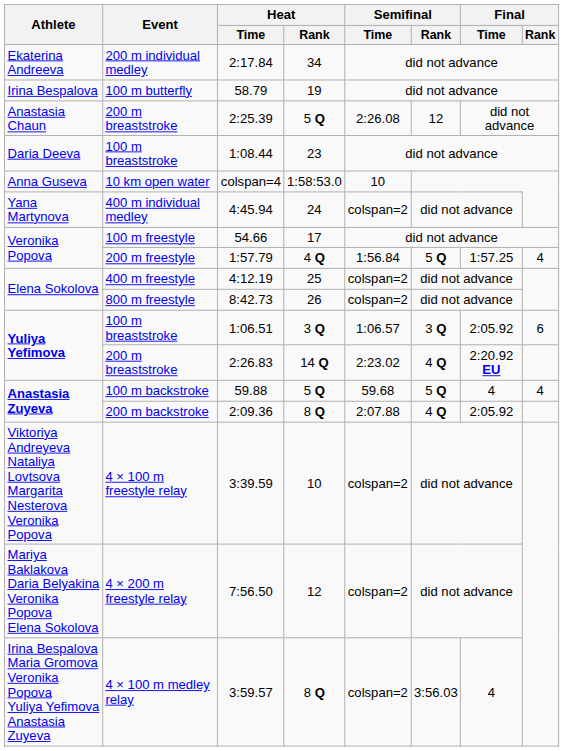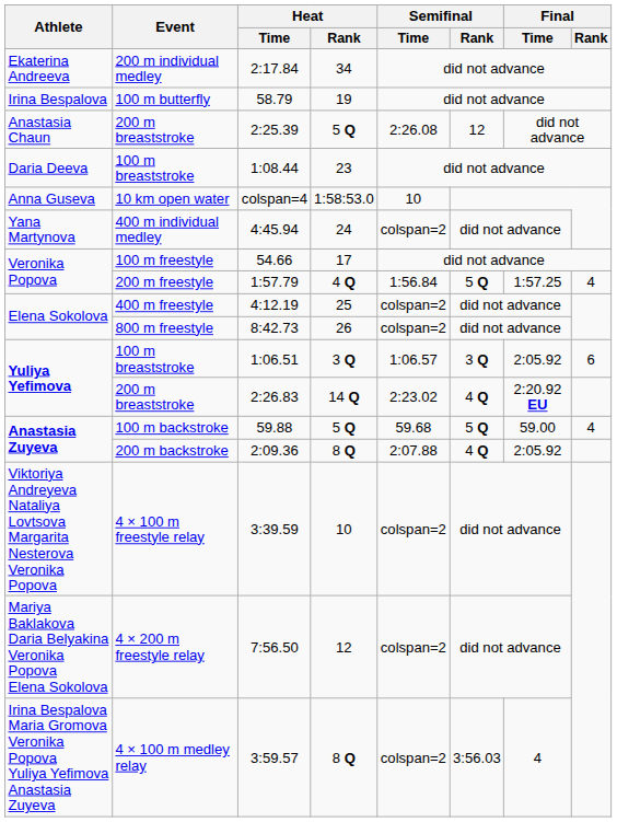 <table class=wikitable style="font-size:90%">
 <tr>
 <th rowspan="2">Athlete</th>
 <th rowspan="2">Event</th>
 <th colspan="2">Heat</th>
 <th colspan="2">Semifinal</th>
 <th colspan="2">Final</th>
 </tr>
 <tr style="font-size:95%">
 <th>Time</th>
 <th>Rank</th>
 <th>Time</th>
 <th>Rank</th>
 <th>Time</th>
 <th>Rank</th>
 </tr>
 <tr align=center>
 <td align=left><a href='#'>Ekaterina Andreeva</a></td>
 <td align=left><a href='#'>200 m individual medley</a></td>
 <td>2:17.84</td>
 <td>34</td>
 <td colspan=4>did not advance</td>
 </tr>
 <tr align=center>
 <td align=left><a href='#'>Irina Bespalova</a></td>
 <td align=left><a href='#'>100 m butterfly</a></td>
 <td>58.79</td>
 <td>19</td>
 <td colspan=4>did not advance</td>
 </tr>
 <tr align=center>
 <td align=left><a href='#'>Anastasia Chaun</a></td>
 <td align=left><a href='#'>200 m breaststroke</a></td>
 <td>2:25.39</td>
 <td>5 <strong>Q</strong></td>
 <td>2:26.08</td>
 <td>12</td>
 <td colspan=2>did not advance</td>
 </tr>
 <tr align=center>
 <td align=left><a href='#'>Daria Deeva</a></td>
 <td align=left><a href='#'>100 m breaststroke</a></td>
 <td>1:08.44</td>
 <td>23</td>
 <td colspan=4>did not advance</td>
 </tr>
 <tr align=center>
 <td align=left><a href='#'>Anna Guseva</a></td>
 <td align=left><a href='#'>10 km open water</a></td>
 <td>colspan=4 </td>
 <td>1:58:53.0</td>
 <td>10</td>
 </tr>
 <tr align=center>
 <td align=left><a href='#'>Yana Martynova</a></td>
 <td align=left><a href='#'>400 m individual medley</a></td>
 <td>4:45.94</td>
 <td>24</td>
 <td>colspan=2 </td>
 <td colspan=2>did not advance</td>
 </tr>
 <tr align=center>
 <td align=left rowspan=2><a href='#'>Veronika Popova</a></td>
 <td align=left><a href='#'>100 m freestyle</a></td>
 <td>54.66</td>
 <td>17</td>
 <td colspan=4>did not advance</td>
 </tr>
 <tr align=center>
 <td align=left><a href='#'>200 m freestyle</a></td>
 <td>1:57.79</td>
 <td>4 <strong>Q</strong></td>
 <td>1:56.84</td>
 <td>5 <strong>Q</strong></td>
 <td>1:57.25</td>
 <td>4</td>
 </tr>
 <tr align=center>
 <td align=left rowspan=2><a href='#'>Elena Sokolova</a></td>
 <td align=left><a href='#'>400 m freestyle</a></td>
 <td>4:12.19</td>
 <td>25</td>
 <td>colspan=2 </td>
 <td colspan=2>did not advance</td>
 </tr>
 <tr align=center>
 <td align=left><a href='#'>800 m freestyle</a></td>
 <td>8:42.73</td>
 <td>26</td>
 <td>colspan=2 </td>
 <td colspan=2>did not advance</td>
 </tr>
 <tr align=center>
 <td align=left rowspan=2><strong><a href='#'>Yuliya Yefimova</a></strong></td>
 <td align=left><a href='#'>100 m breaststroke</a></td>
 <td>1:06.51</td>
 <td>3 <strong>Q</strong></td>
 <td>1:06.57</td>
 <td>3 <strong>Q</strong></td>
 <td>2:05.92</td>
 <td>6</td>
 </tr>
 <tr align=center>
 <td align=left><a href='#'>200 m breaststroke</a></td>
 <td>2:26.83</td>
 <td>14 <strong>Q</strong></td>
 <td>2:23.02</td>
 <td>4 <strong>Q</strong></td>
 <td>2:20.92 <strong><a href='#'>EU</a></strong></td>
 <td></td>
 </tr>
 <tr align=center>
 <td align=left rowspan=2><strong><a href='#'>Anastasia Zuyeva</a></strong></td>
 <td align=left><a href='#'>100 m backstroke</a></td>
 <td>59.88</td>
 <td>5 <strong>Q</strong></td>
 <td>59.68</td>
 <td>5 <strong>Q</strong></td>
-<td>4</td>
+<td>59.00</td>
 <td>4</td>
 </tr>
 <tr align=center>
 <td align=left><a href='#'>200 m backstroke</a></td>
 <td>2:09.36</td>
 <td>8 <strong>Q</strong></td>
 <td>2:07.88</td>
 <td>4 <strong>Q</strong></td>
 <td>2:05.92</td>
 <td></td>
 </tr>
 <tr align=center>
 <td align=left><a href='#'>Viktoriya Andreyeva</a><br><a href='#'>Nataliya Lovtsova</a><br><a href='#'>Margarita Nesterova</a><br><a href='#'>Veronika Popova</a></td>
 <td align=left><a href='#'>4 × 100 m freestyle relay</a></td>
 <td>3:39.59</td>
 <td>10</td>
 <td>colspan=2 </td>
 <td colspan=2>did not advance</td>
 </tr>
 <tr align=center>
 <td align=left><a href='#'>Mariya Baklakova</a><br><a href='#'>Daria Belyakina</a><br><a href='#'>Veronika Popova</a><br><a href='#'>Elena Sokolova</a></td>
 <td align=left><a href='#'>4 × 200 m freestyle relay</a></td>
 <td>7:56.50</td>
 <td>12</td>
 <td>colspan=2 </td>
 <td colspan=2>did not advance</td>
 </tr>
 <tr align=center>
 <td align=left><a href='#'>Irina Bespalova</a><br><a href='#'>Maria Gromova</a><br><a href='#'>Veronika Popova</a><br><a href='#'>Yuliya Yefimova</a><br><a href='#'>Anastasia Zuyeva</a></td>
 <td align=left><a href='#'>4 × 100 m medley relay</a></td>
 <td>3:59.57</td>
 <td>8 <strong>Q</strong></td>
 <td>colspan=2 </td>
 <td>3:56.03</td>
 <td>4</td>
 </tr>
 </table>
